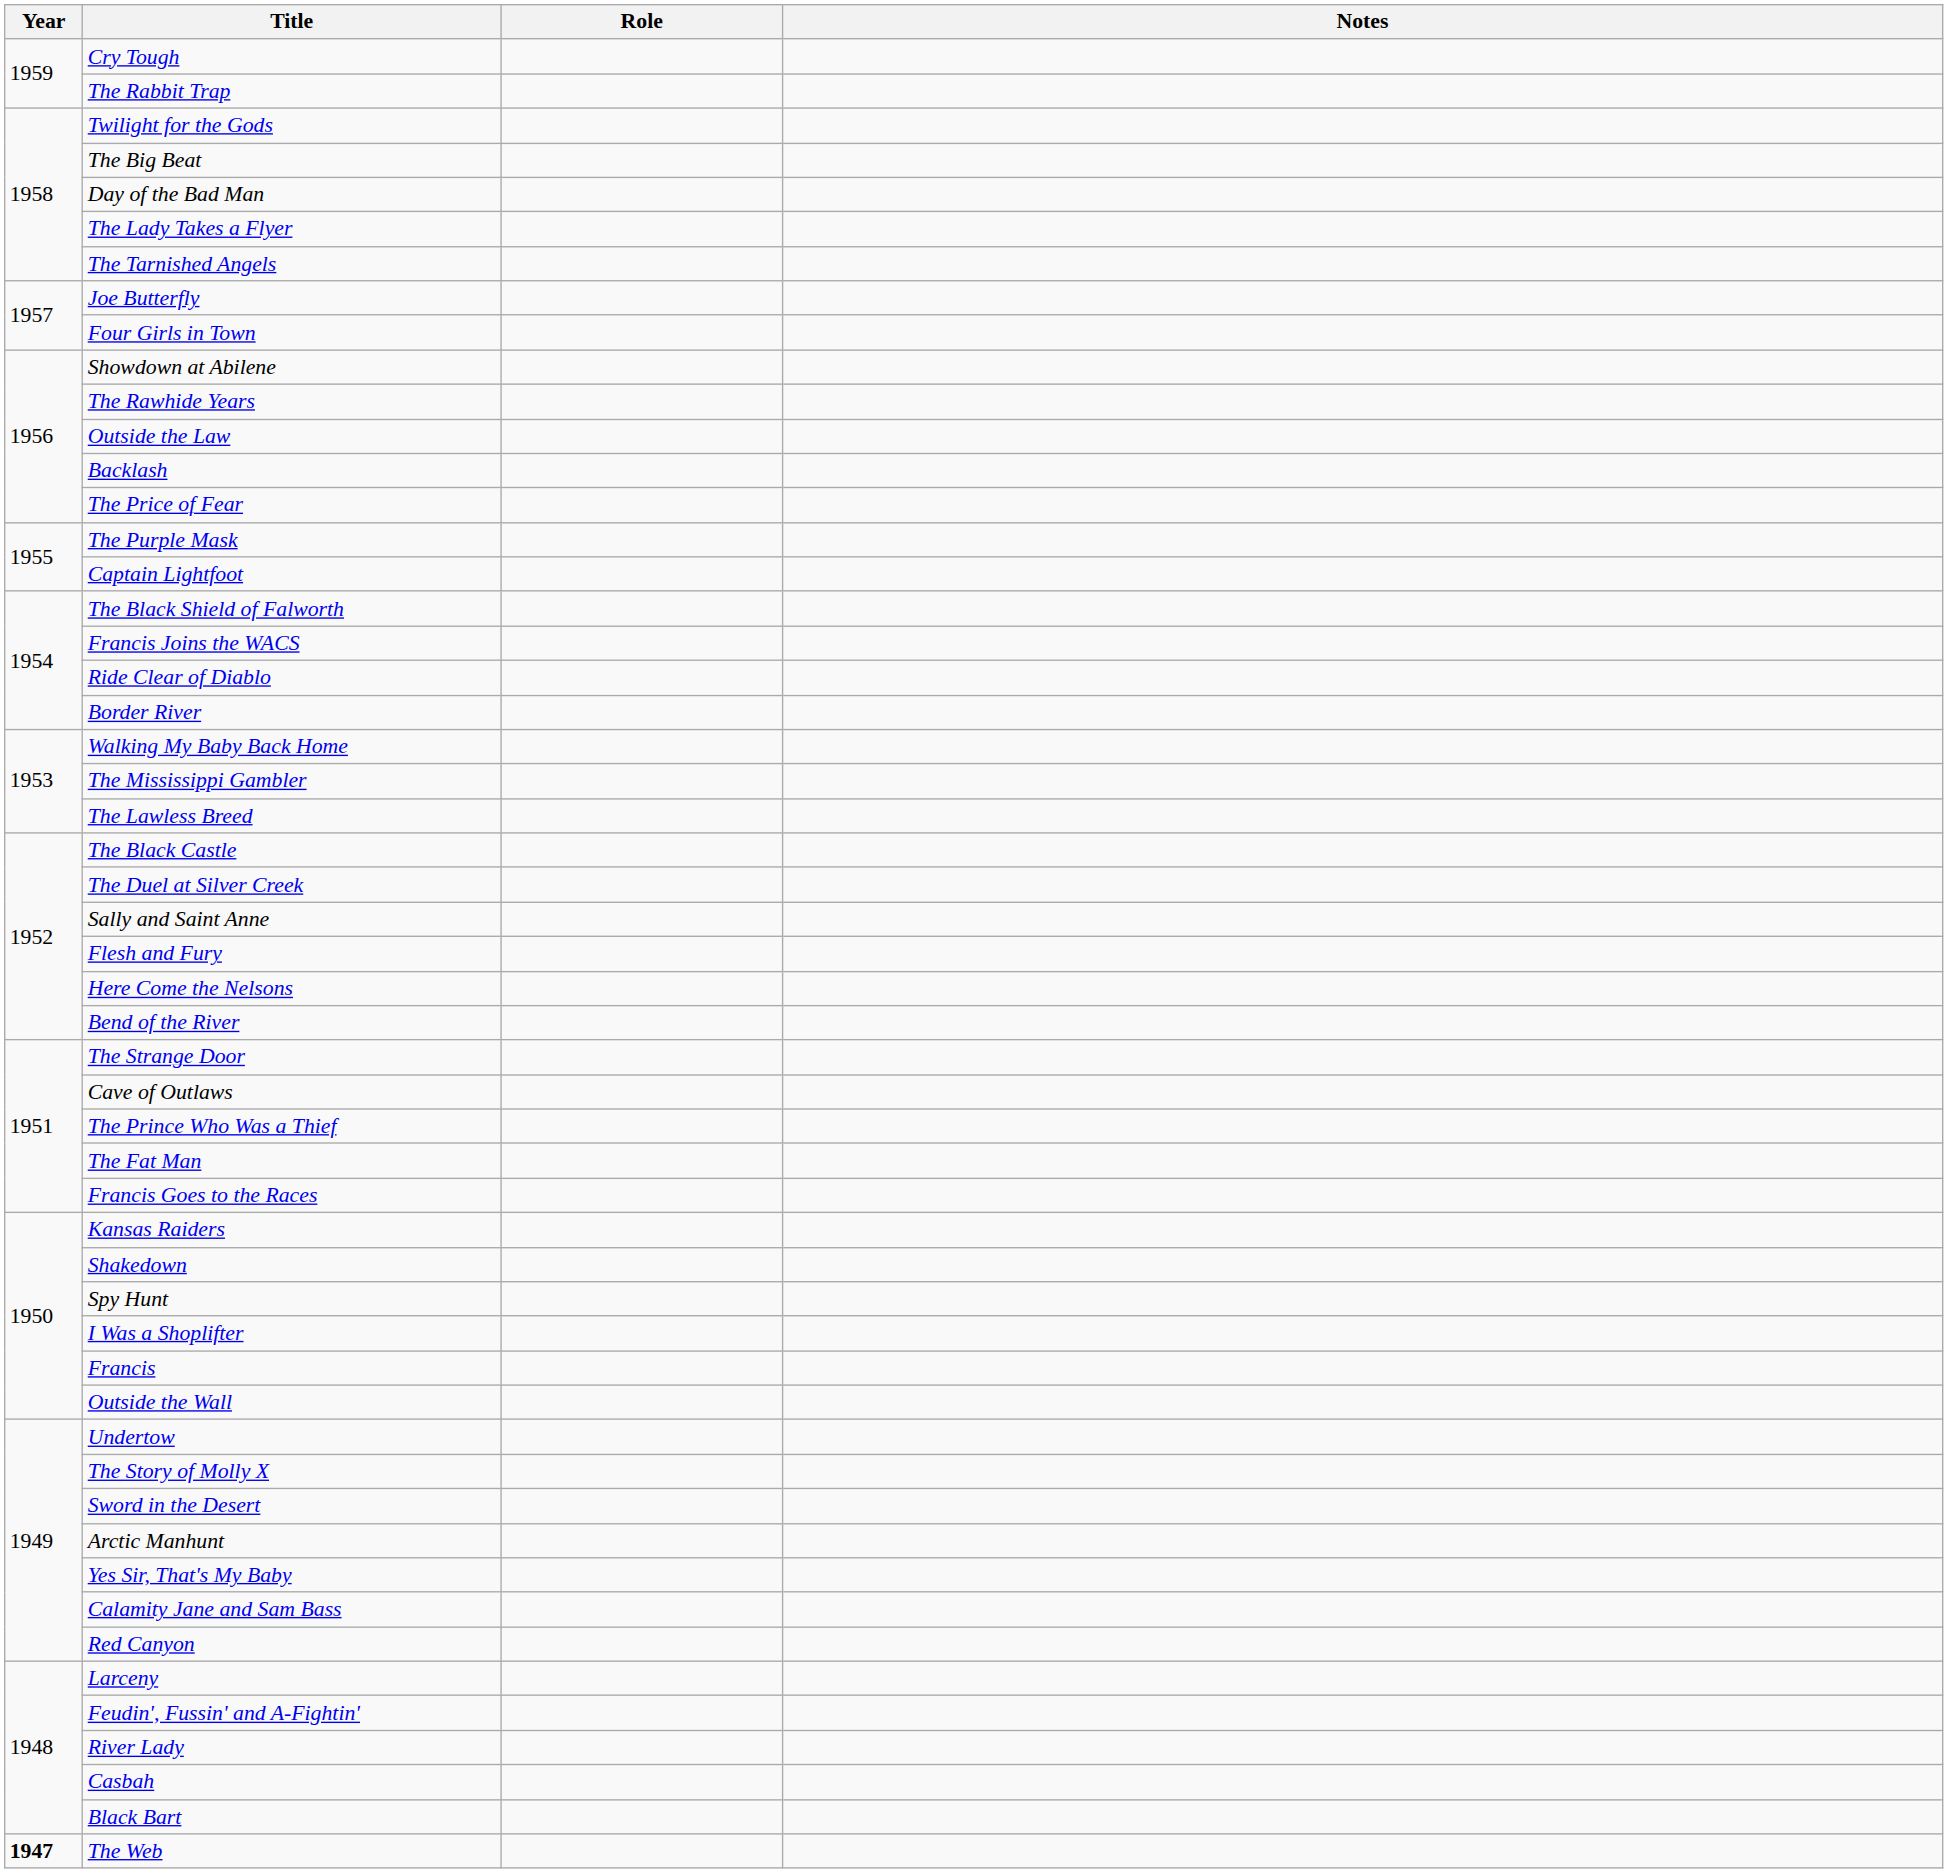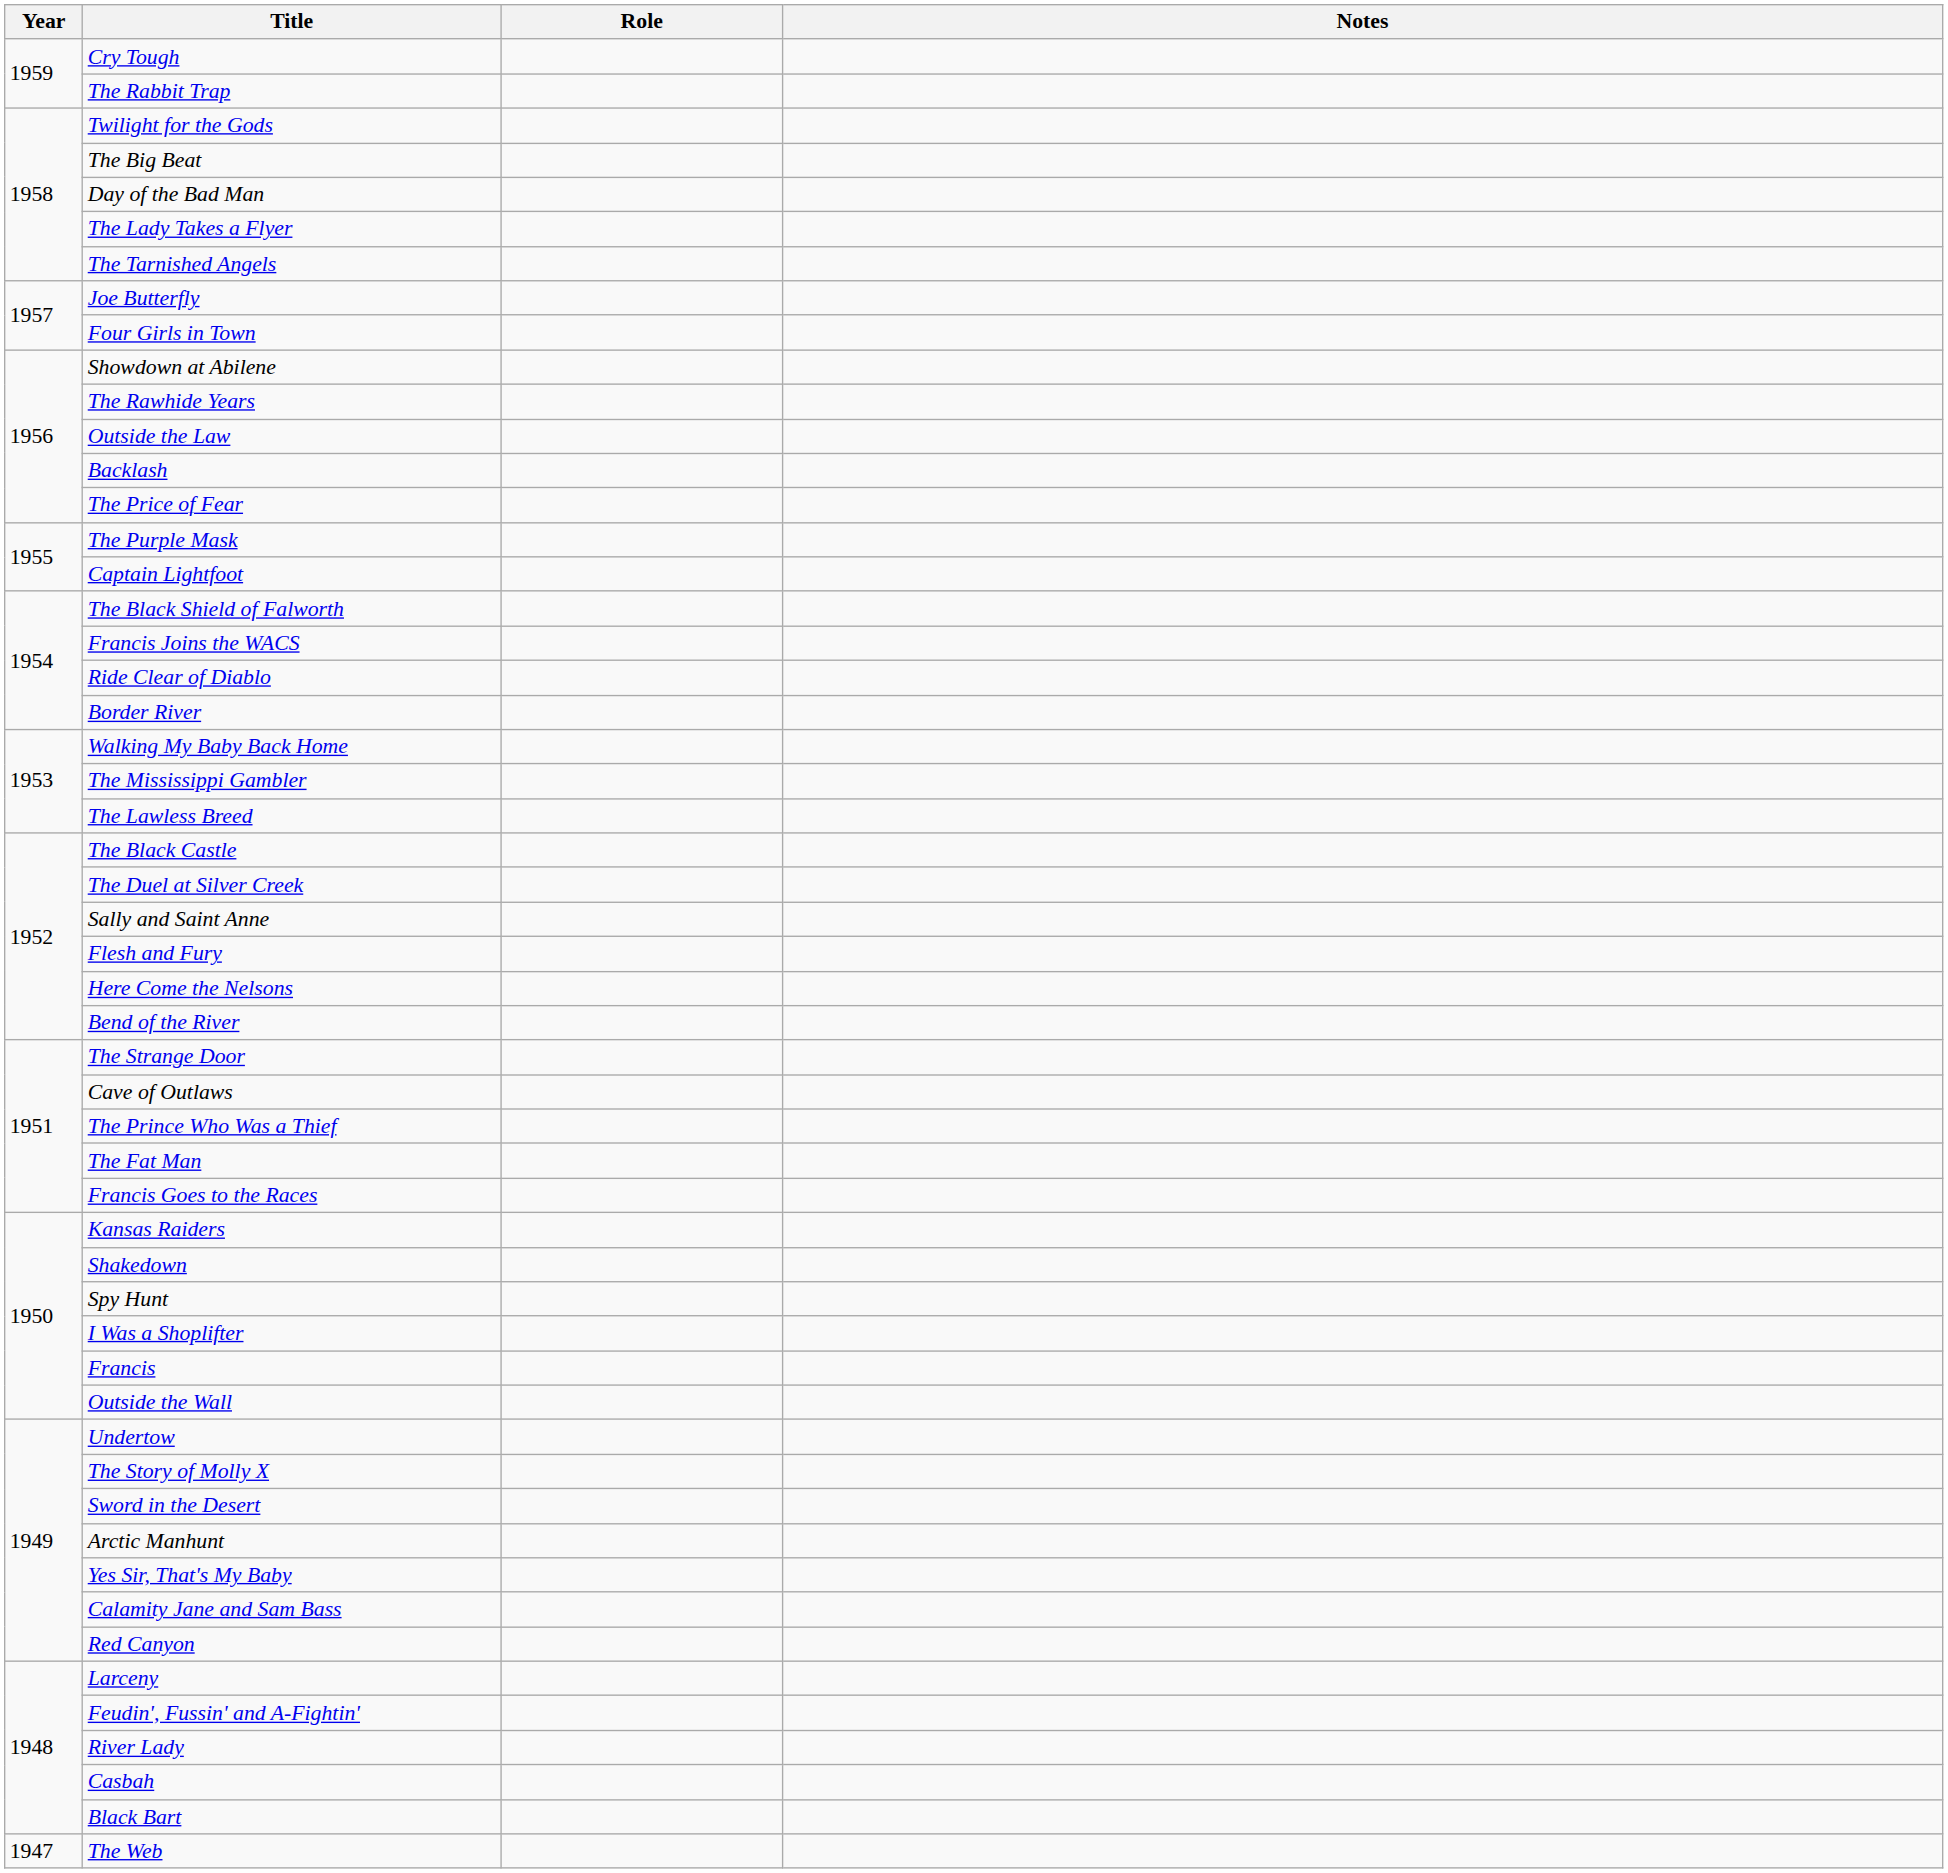 <table class="wikitable sortable" width="90%">
 <tr>
 <th width="50px">Year</th>
 <th width="300px">Title</th>
 <th width="200px">Role</th>
 <th class="unsortable">Notes</th>
 </tr>
 <tr>
 <td rowspan="2">1959</td>
 <td><em><a href='#'>Cry Tough</a></em></td>
 <td></td>
 <td></td>
 </tr>
 <tr>
 <td><em><a href='#'>The Rabbit Trap</a></em></td>
 <td></td>
 <td></td>
 </tr>
 <tr>
 <td rowspan="5">1958</td>
 <td><em><a href='#'>Twilight for the Gods</a></em></td>
 <td></td>
 <td></td>
 </tr>
 <tr>
 <td><em>The Big Beat</em></td>
 <td></td>
 <td></td>
 </tr>
 <tr>
 <td><em>Day of the Bad Man</em></td>
 <td></td>
 <td></td>
 </tr>
 <tr>
 <td><em><a href='#'>The Lady Takes a Flyer</a></em></td>
 <td></td>
 <td></td>
 </tr>
 <tr>
 <td><em><a href='#'>The Tarnished Angels</a></em></td>
 <td></td>
 <td></td>
 </tr>
 <tr>
 <td rowspan="2">1957</td>
 <td><em><a href='#'>Joe Butterfly</a></em></td>
 <td></td>
 <td></td>
 </tr>
 <tr>
 <td><em><a href='#'>Four Girls in Town</a></em></td>
 <td></td>
 <td></td>
 </tr>
 <tr>
 <td rowspan="5">1956</td>
 <td><em>Showdown at Abilene</em></td>
 <td></td>
 <td></td>
 </tr>
 <tr>
 <td><em><a href='#'>The Rawhide Years</a></em></td>
 <td></td>
 <td></td>
 </tr>
 <tr>
 <td><em><a href='#'>Outside the Law</a></em></td>
 <td></td>
 <td></td>
 </tr>
 <tr>
 <td><em><a href='#'>Backlash</a></em></td>
 <td></td>
 <td></td>
 </tr>
 <tr>
 <td><em><a href='#'>The Price of Fear</a></em></td>
 <td></td>
 <td></td>
 </tr>
 <tr>
 <td rowspan="2">1955</td>
 <td><em><a href='#'>The Purple Mask</a></em></td>
 <td></td>
 <td></td>
 </tr>
 <tr>
 <td><em><a href='#'>Captain Lightfoot</a></em></td>
 <td></td>
 <td></td>
 </tr>
 <tr>
 <td rowspan="4">1954</td>
 <td><em><a href='#'>The Black Shield of Falworth</a></em></td>
 <td></td>
 <td></td>
 </tr>
 <tr>
 <td><em><a href='#'>Francis Joins the WACS</a></em></td>
 <td></td>
 <td></td>
 </tr>
 <tr>
 <td><em><a href='#'>Ride Clear of Diablo</a></em></td>
 <td></td>
 <td></td>
 </tr>
 <tr>
 <td><em><a href='#'>Border River</a></em></td>
 <td></td>
 <td></td>
 </tr>
 <tr>
 <td rowspan="3">1953</td>
 <td><em><a href='#'>Walking My Baby Back Home</a></em></td>
 <td></td>
 <td></td>
 </tr>
 <tr>
 <td><em><a href='#'>The Mississippi Gambler</a></em></td>
 <td></td>
 <td></td>
 </tr>
 <tr>
 <td><em><a href='#'>The Lawless Breed</a></em></td>
 <td></td>
 <td></td>
 </tr>
 <tr>
 <td rowspan="6">1952</td>
 <td><em><a href='#'>The Black Castle</a></em></td>
 <td></td>
 <td></td>
 </tr>
 <tr>
 <td><em><a href='#'>The Duel at Silver Creek</a></em></td>
 <td></td>
 <td></td>
 </tr>
 <tr>
 <td><em>Sally and Saint Anne</em></td>
 <td></td>
 <td></td>
 </tr>
 <tr>
 <td><em><a href='#'>Flesh and Fury</a></em></td>
 <td></td>
 <td></td>
 </tr>
 <tr>
 <td><em><a href='#'>Here Come the Nelsons</a></em></td>
 <td></td>
 <td></td>
 </tr>
 <tr>
 <td><em><a href='#'>Bend of the River</a></em></td>
 <td></td>
 <td></td>
 </tr>
 <tr>
 <td rowspan="5">1951</td>
 <td><em><a href='#'>The Strange Door</a></em></td>
 <td></td>
 <td></td>
 </tr>
 <tr>
 <td><em>Cave of Outlaws</em></td>
 <td></td>
 <td></td>
 </tr>
 <tr>
 <td><em><a href='#'>The Prince Who Was a Thief</a></em></td>
 <td></td>
 <td></td>
 </tr>
 <tr>
 <td><em><a href='#'>The Fat Man</a></em></td>
 <td></td>
 <td></td>
 </tr>
 <tr>
 <td><em><a href='#'>Francis Goes to the Races</a></em></td>
 <td></td>
 <td></td>
 </tr>
 <tr>
 <td rowspan="6">1950</td>
 <td><em><a href='#'>Kansas Raiders</a></em></td>
 <td></td>
 <td></td>
 </tr>
 <tr>
 <td><em><a href='#'>Shakedown</a></em></td>
 <td></td>
 <td></td>
 </tr>
 <tr>
 <td><em>Spy Hunt</em></td>
 <td></td>
 <td></td>
 </tr>
 <tr>
 <td><em><a href='#'>I Was a Shoplifter</a></em></td>
 <td></td>
 <td></td>
 </tr>
 <tr>
 <td><em><a href='#'>Francis</a></em></td>
 <td></td>
 <td></td>
 </tr>
 <tr>
 <td><em><a href='#'>Outside the Wall</a></em></td>
 <td></td>
 <td></td>
 </tr>
 <tr>
 <td rowspan="7">1949</td>
 <td><em><a href='#'>Undertow</a></em></td>
 <td></td>
 <td></td>
 </tr>
 <tr>
 <td><em><a href='#'>The Story of Molly X</a></em></td>
 <td></td>
 <td></td>
 </tr>
 <tr>
 <td><em><a href='#'>Sword in the Desert</a></em></td>
 <td></td>
 <td></td>
 </tr>
 <tr>
 <td><em>Arctic Manhunt</em></td>
 <td></td>
 <td></td>
 </tr>
 <tr>
 <td><em><a href='#'>Yes Sir, That's My Baby</a></em></td>
 <td></td>
 <td></td>
 </tr>
 <tr>
 <td><em><a href='#'>Calamity Jane and Sam Bass</a></em></td>
 <td></td>
 <td></td>
 </tr>
 <tr>
 <td><em><a href='#'>Red Canyon</a></em></td>
 <td></td>
 <td></td>
 </tr>
 <tr>
 <td rowspan="5">1948</td>
 <td><em><a href='#'>Larceny</a></em></td>
 <td></td>
 <td></td>
 </tr>
 <tr>
 <td><em><a href='#'>Feudin', Fussin' and A-Fightin'</a></em></td>
 <td></td>
 <td></td>
 </tr>
 <tr>
 <td><em><a href='#'>River Lady</a></em></td>
 <td></td>
 <td></td>
 </tr>
 <tr>
 <td><em><a href='#'>Casbah</a></em></td>
 <td></td>
 <td></td>
 </tr>
 <tr>
 <td><em><a href='#'>Black Bart</a></em></td>
 <td></td>
 <td></td>
 </tr>
 <tr>
-<td><strong>1947</strong></td>
+<td>1947</td>
 <td><em><a href='#'>The Web</a></em></td>
 <td></td>
 <td></td>
 </tr>
 </table>
